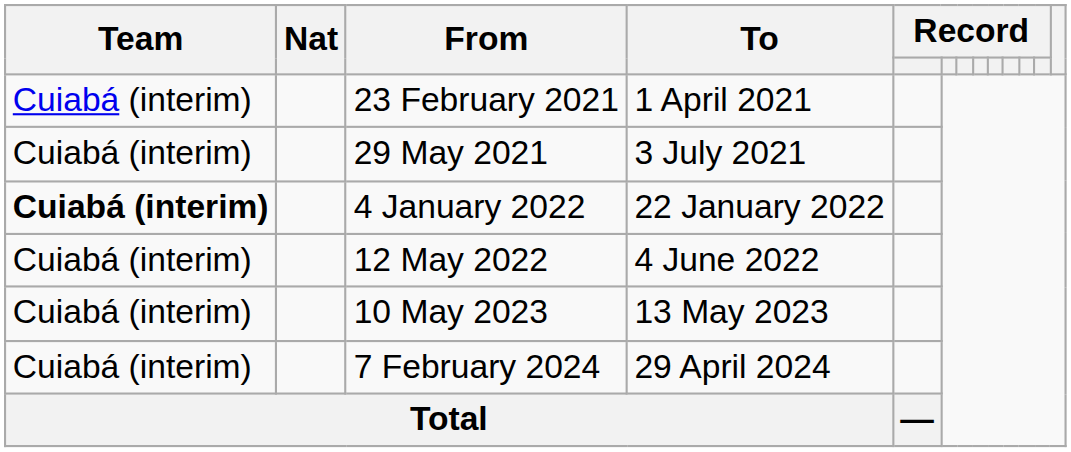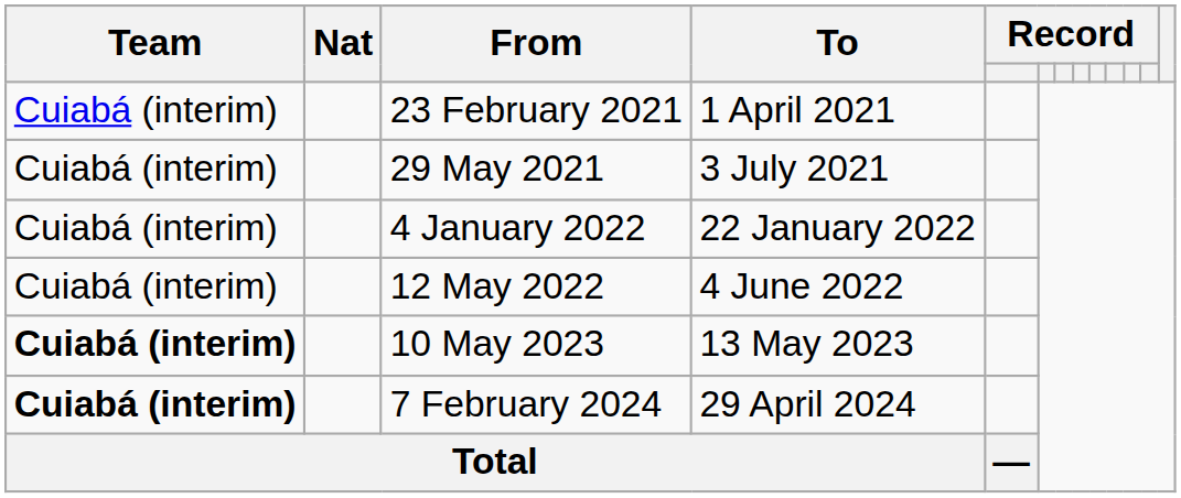 <table class="wikitable" style="text-align: center">
 <tr>
 <th rowspan="2">Team</th>
 <th rowspan="2">Nat</th>
 <th rowspan="2">From</th>
 <th rowspan="2">To</th>
 <th colspan="8">Record</th>
 <th rowspan=2></th>
 </tr>
 <tr>
 <th></th>
 <th></th>
 <th></th>
 <th></th>
 <th></th>
 <th></th>
 <th></th>
 <th></th>
 </tr>
 <tr>
 <td align=left><a href='#'>Cuiabá</a> (interim)</td>
 <td></td>
 <td align=left>23 February 2021</td>
 <td align=left>1 April 2021<br></td>
 <td></td>
 </tr>
 <tr>
 <td align=left>Cuiabá (interim)</td>
 <td></td>
 <td align=left>29 May 2021</td>
 <td align=left>3 July 2021<br></td>
 <td></td>
 </tr>
 <tr>
-<td align=left><strong>Cuiabá (interim)</strong></td>
+<td align=left>Cuiabá (interim)</td>
 <td></td>
 <td align=left>4 January 2022</td>
 <td align=left>22 January 2022<br></td>
 <td></td>
 </tr>
 <tr>
 <td align=left>Cuiabá (interim)</td>
 <td></td>
 <td align=left>12 May 2022</td>
 <td align=left>4 June 2022<br></td>
 <td></td>
 </tr>
 <tr>
-<td align=left>Cuiabá (interim)</td>
+<td align=left><strong>Cuiabá (interim)</strong></td>
 <td></td>
 <td align=left>10 May 2023</td>
 <td align=left>13 May 2023<br></td>
 <td></td>
 </tr>
 <tr>
-<td align=left>Cuiabá (interim)</td>
+<td align=left><strong>Cuiabá (interim)</strong></td>
 <td></td>
 <td align=left>7 February 2024</td>
 <td align=left>29 April 2024<br></td>
 <td></td>
 </tr>
 <tr>
 <th colspan="4">Total<br></th>
 <th>—</th>
 </tr>
 </table>
